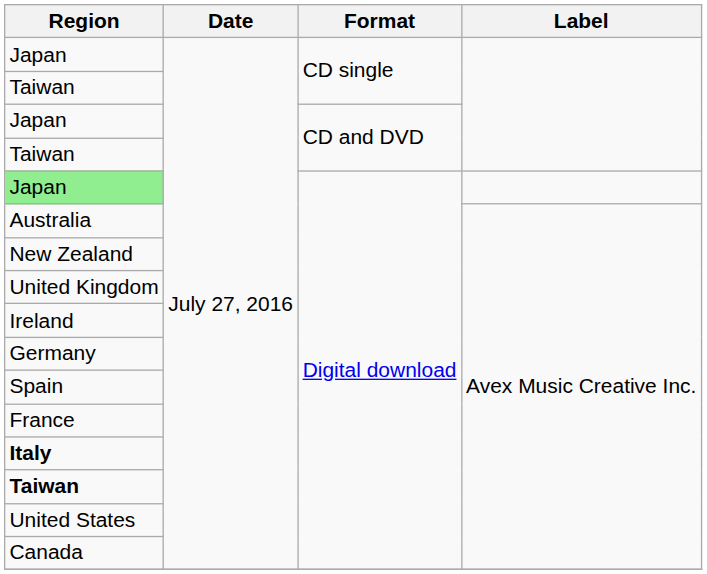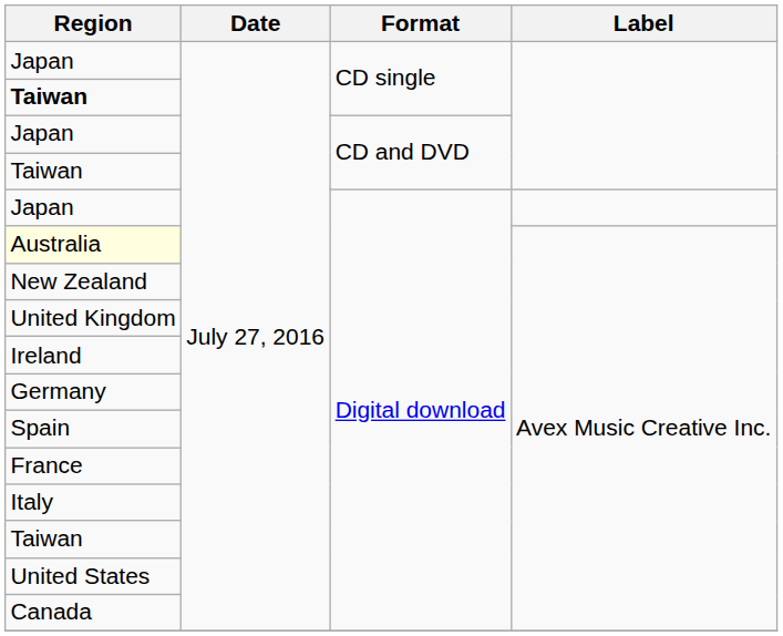 <table class="wikitable plainrowheaders">
 <tr>
 <th scope="col">Region</th>
 <th scope="col">Date</th>
 <th scope="col">Format</th>
 <th scope="col">Label</th>
 </tr>
 <tr>
 <td>Japan</td>
 <td rowspan="16">July 27, 2016</td>
 <td rowspan="2">CD single</td>
 <td rowspan="4"></td>
 </tr>
 <tr>
-<td>Taiwan</td>
+<td><strong>Taiwan</strong></td>
 </tr>
 <tr>
 <td>Japan</td>
 <td rowspan="2">CD and DVD</td>
 </tr>
 <tr>
 <td>Taiwan</td>
 </tr>
 <tr>
-<td style="background: lightgreen;">Japan</td>
+<td>Japan</td>
 <td rowspan="12"><a href='#'>Digital download</a></td>
 <td></td>
 </tr>
 <tr>
-<td>Australia</td>
+<td style="background: lightyellow;">Australia</td>
 <td rowspan="11">Avex Music Creative Inc.</td>
 </tr>
 <tr>
 <td>New Zealand</td>
 </tr>
 <tr>
 <td>United Kingdom</td>
 </tr>
 <tr>
 <td>Ireland</td>
 </tr>
 <tr>
 <td>Germany</td>
 </tr>
 <tr>
 <td>Spain</td>
 </tr>
 <tr>
 <td>France</td>
 </tr>
 <tr>
-<td><strong>Italy</strong></td>
+<td>Italy</td>
 </tr>
 <tr>
-<td><strong>Taiwan</strong></td>
+<td>Taiwan</td>
 </tr>
 <tr>
 <td>United States</td>
 </tr>
 <tr>
 <td>Canada</td>
 </tr>
 <tr>
 </tr>
 </table>
